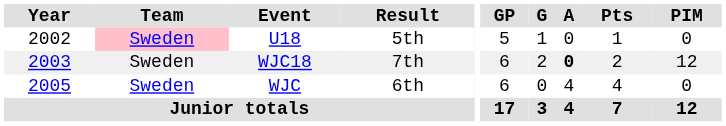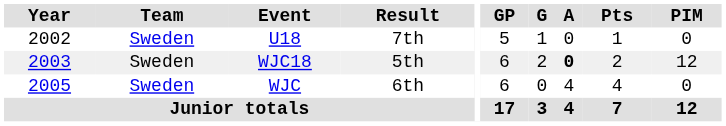 <table border="0" cellpadding="1" cellspacing="0" ID="Table3" style="text-align:center; width:40em">
 <tr ALIGN="center" bgcolor="#e0e0e0">
 <th>Year</th>
 <th>Team</th>
 <th>Event</th>
 <th>Result</th>
 <th rowspan="99" bgcolor="#ffffff"></th>
 <th>GP</th>
 <th>G</th>
 <th>A</th>
 <th>Pts</th>
 <th>PIM</th>
 </tr>
 <tr>
 <td>2002</td>
-<td style="background: pink;"><a href='#'>Sweden</a></td>
+<td><a href='#'>Sweden</a></td>
 <td><a href='#'>U18</a></td>
-<td>5th</td>
+<td>7th</td>
 <td>5</td>
 <td>1</td>
 <td>0</td>
 <td>1</td>
 <td>0</td>
 </tr>
 <tr bgcolor="#f0f0f0">
 <td><a href='#'>2003</a></td>
 <td>Sweden</td>
 <td><a href='#'>WJC18</a></td>
-<td>7th</td>
+<td>5th</td>
 <td>6</td>
 <td>2</td>
 <td><strong>0</strong></td>
 <td>2</td>
 <td>12</td>
 </tr>
 <tr>
 <td><a href='#'>2005</a></td>
 <td><a href='#'>Sweden</a></td>
 <td><a href='#'>WJC</a></td>
 <td>6th</td>
 <td>6</td>
 <td>0</td>
 <td>4</td>
 <td>4</td>
 <td>0</td>
 </tr>
 <tr bgcolor="#e0e0e0">
 <th colspan="4">Junior totals</th>
 <th>17</th>
 <th>3</th>
 <th>4</th>
 <th>7</th>
 <th>12</th>
 </tr>
 </table>
